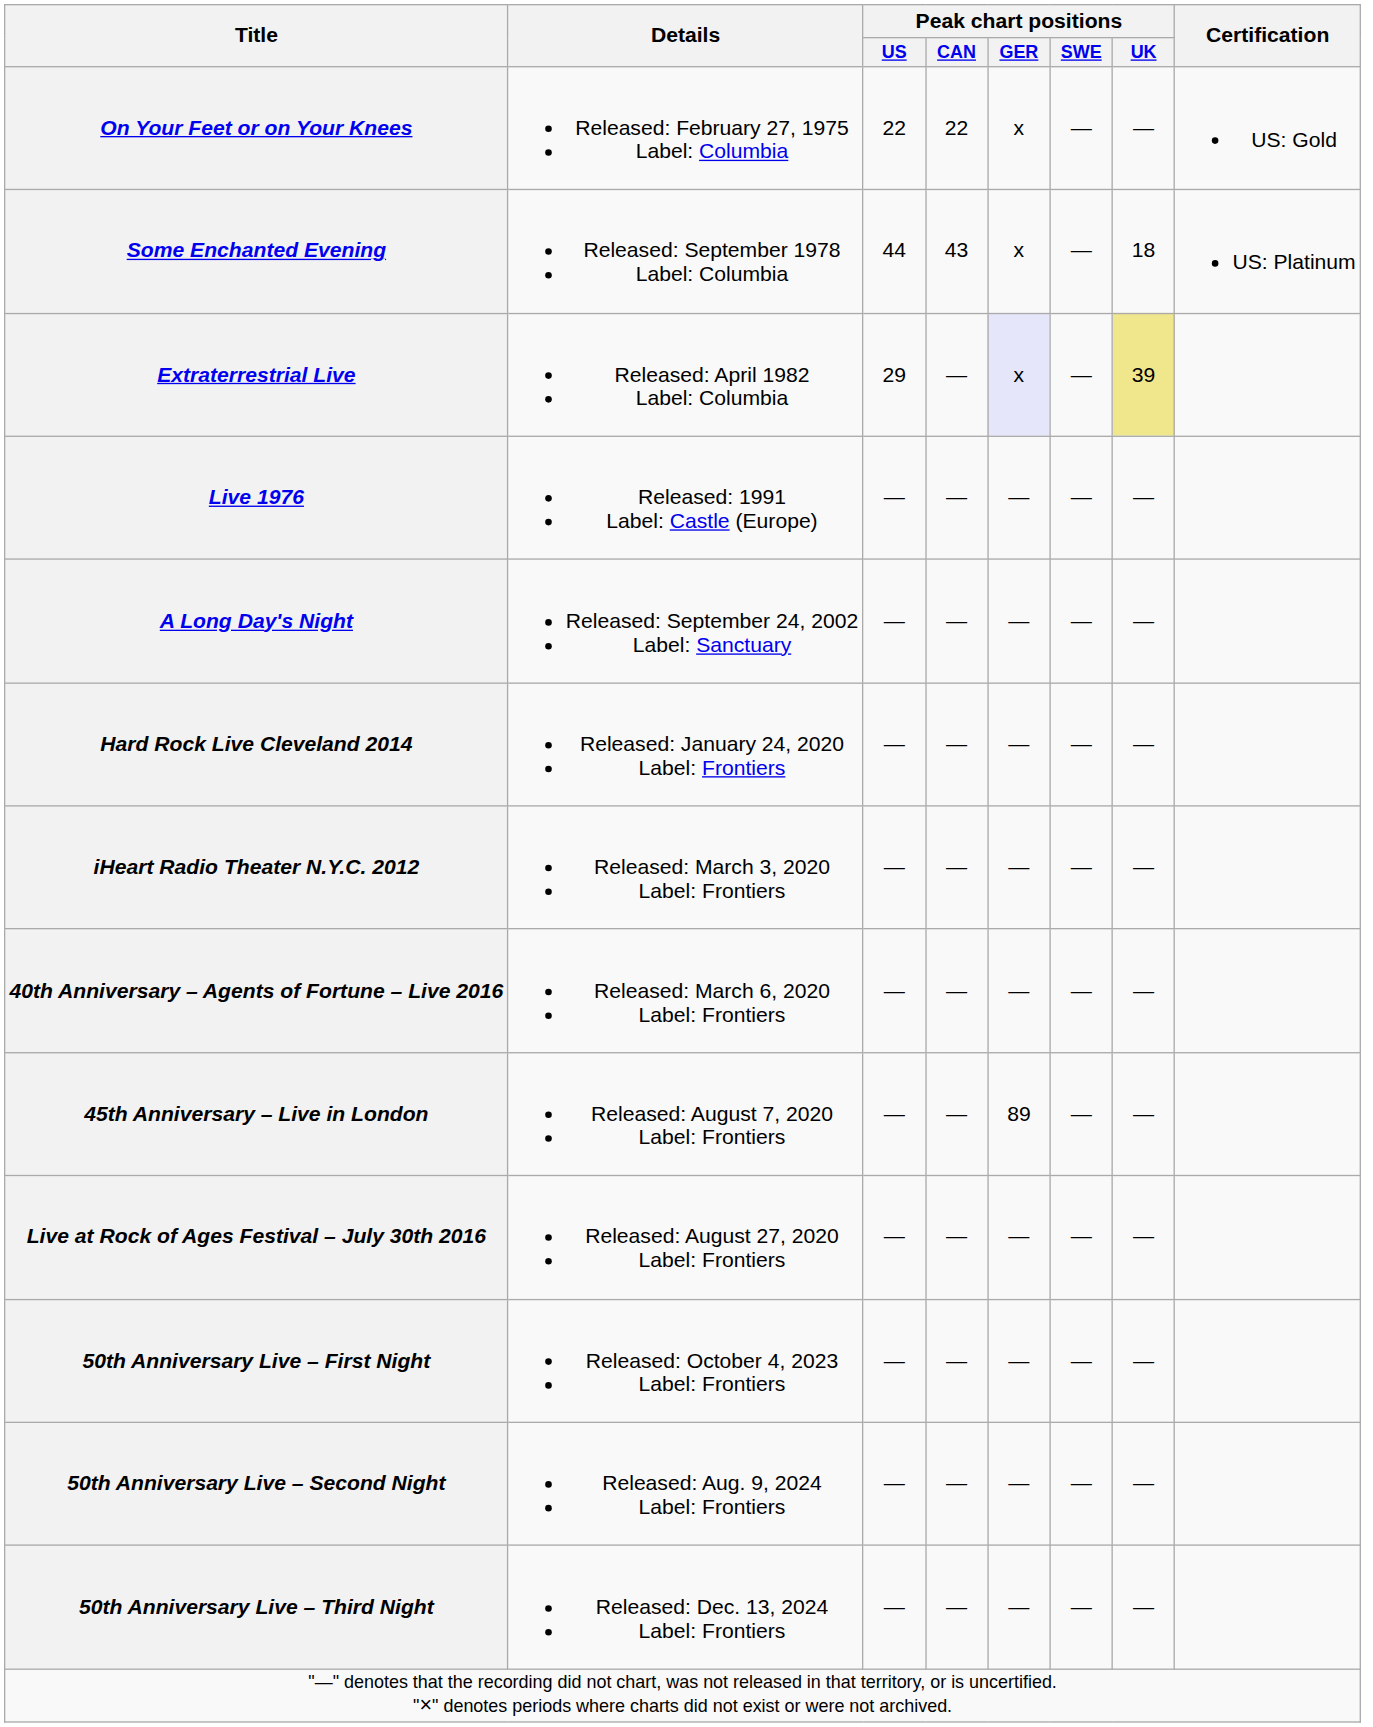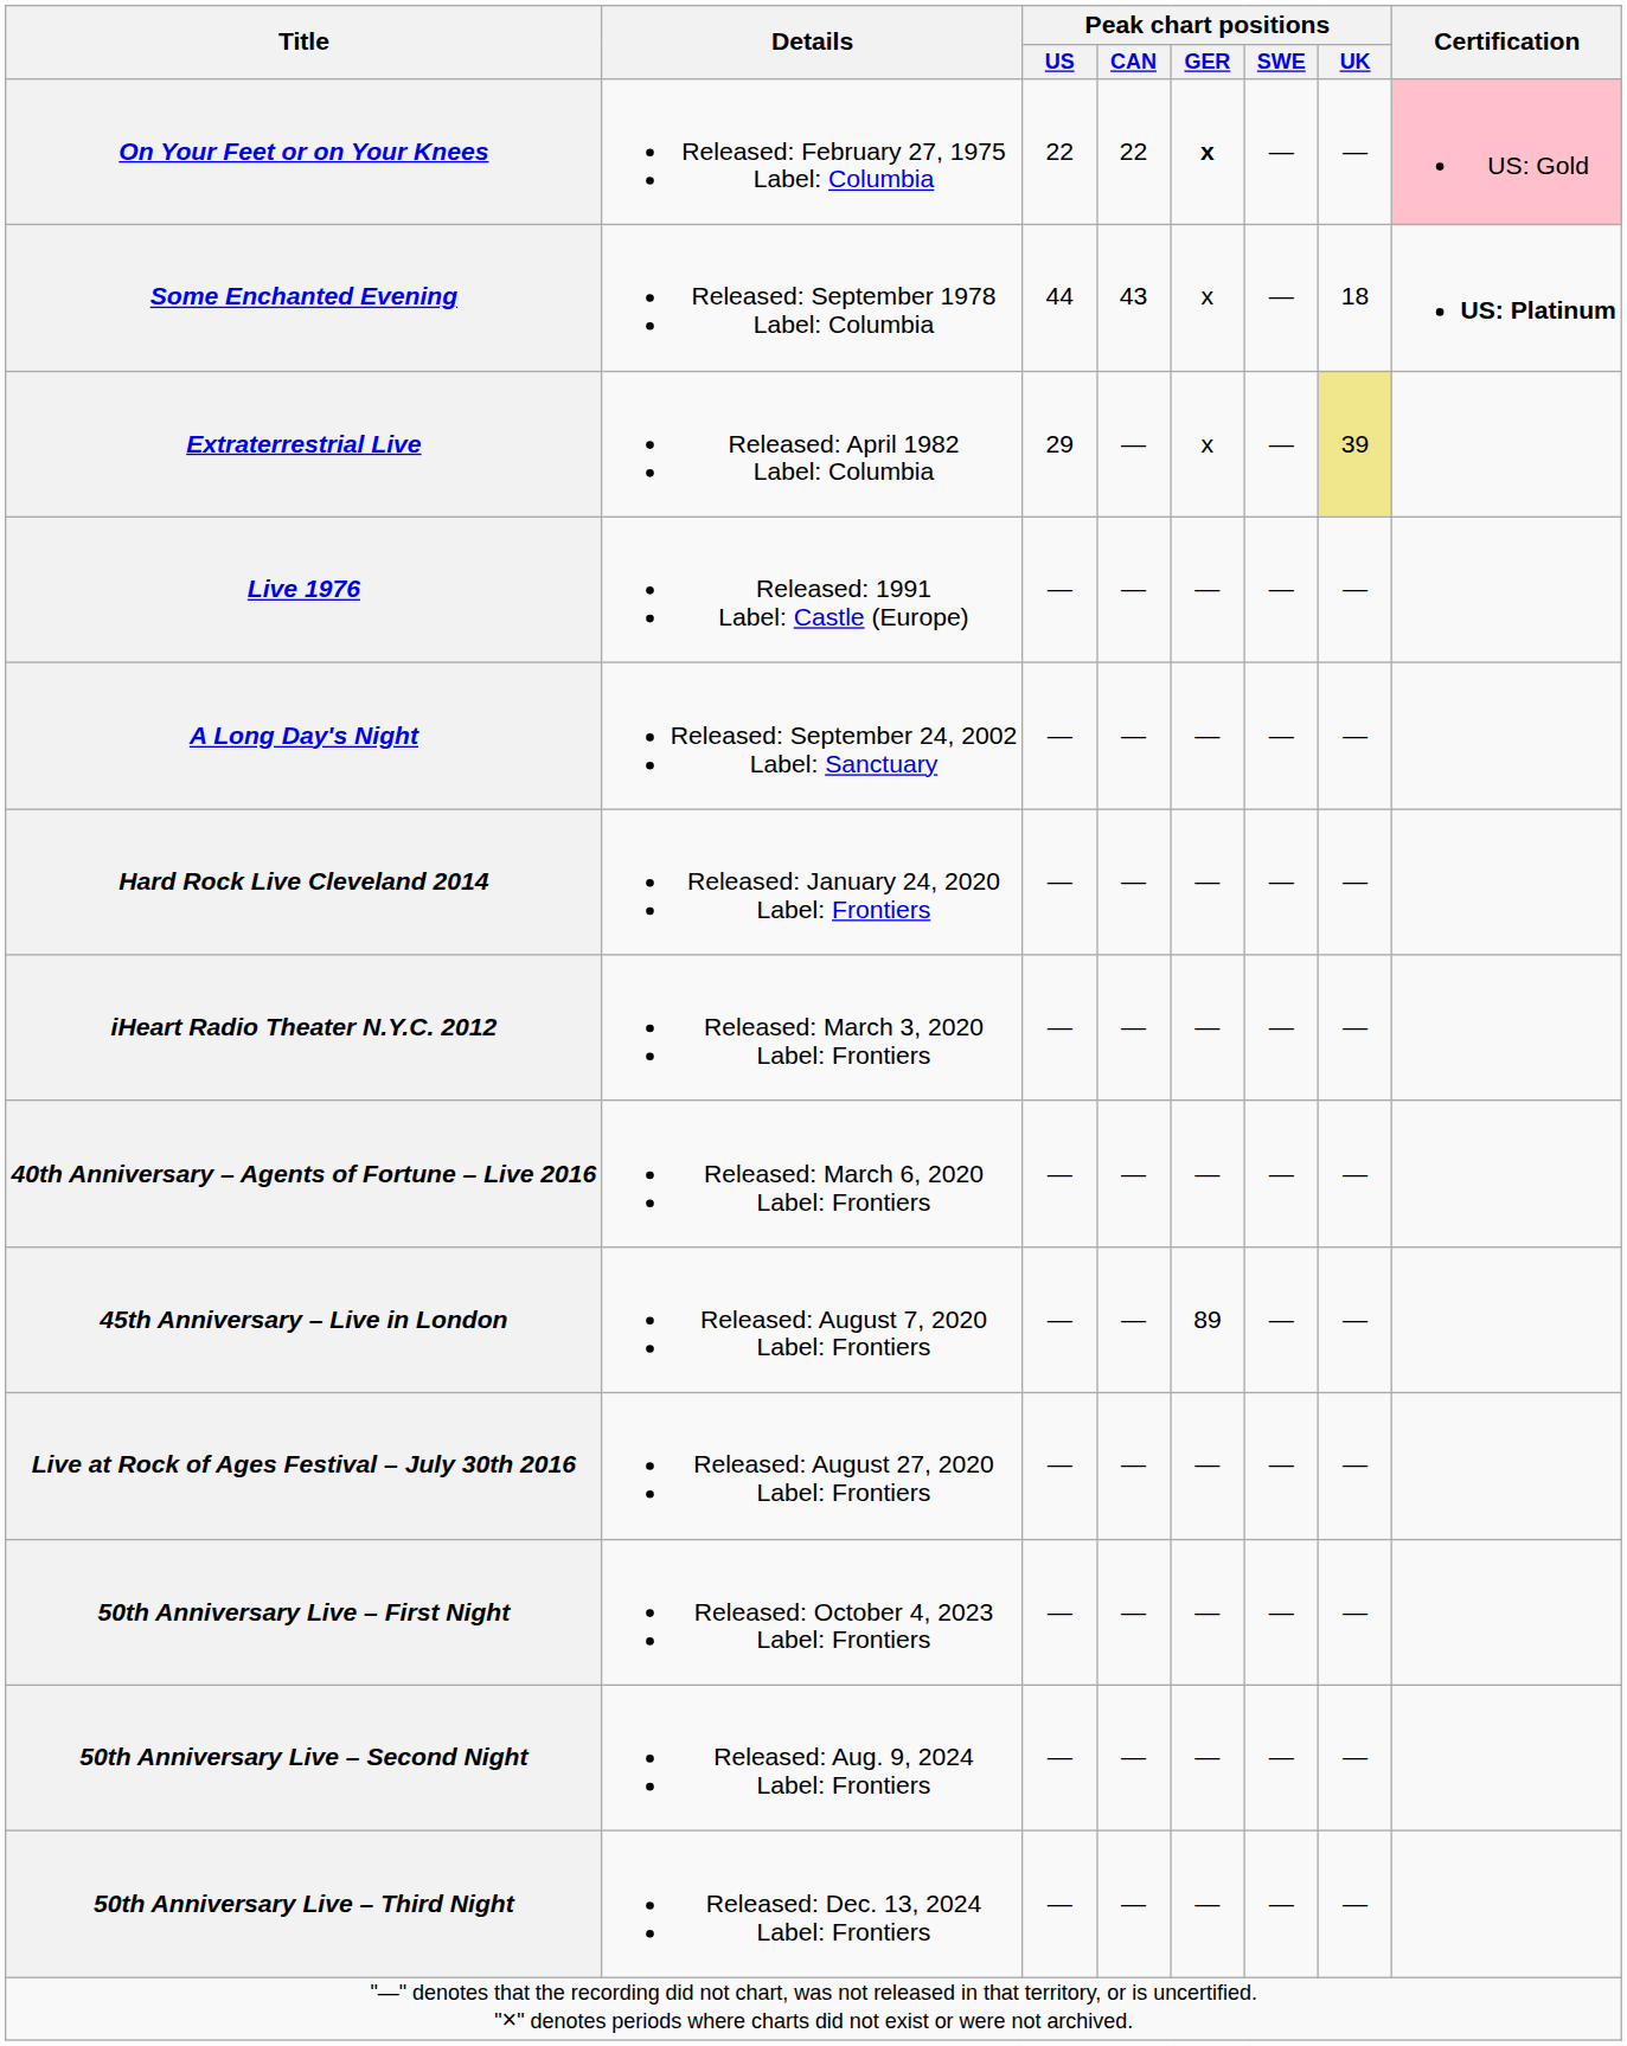 <table class="wikitable plainrowheaders" style="text-align:center;">
 <tr>
 <th scope="col" rowspan="2">Title</th>
 <th scope="col" rowspan="2">Details</th>
 <th scope="col" colspan="5">Peak chart positions</th>
 <th scope="col" rowspan="2">Certification</th>
 </tr>
 <tr>
 <th scope="col" style="width:3em;font-size:85%;"><a href='#'>US</a><br></th>
 <th scope="col" style="width:3em;font-size:85%;"><a href='#'>CAN</a><br></th>
 <th scope="col" style="width:3em;font-size:85%;"><a href='#'>GER</a><br></th>
 <th scope="col" style="width:3em;font-size:85%;"><a href='#'>SWE</a><br></th>
 <th scope="col" style="width:3em;font-size:85%;"><a href='#'>UK</a><br></th>
 </tr>
 <tr>
 <th scope="row"><em><a href='#'>On Your Feet or on Your Knees</a></em></th>
 <td><br><ul><li>Released: February 27, 1975</li><li>Label: <a href='#'>Columbia</a></li></ul></td>
 <td>22</td>
 <td>22</td>
-<td>x</td>
+<td><strong>x</strong></td>
 <td>—</td>
 <td>—</td>
-<td><br><ul><li>US: Gold</li></ul></td>
+<td style="background: pink;"><br><ul><li>US: Gold</li></ul></td>
 </tr>
 <tr>
 <th scope="row"><em><a href='#'>Some Enchanted Evening</a></em></th>
 <td><br><ul><li>Released: September 1978</li><li>Label: Columbia</li></ul></td>
 <td>44</td>
 <td>43</td>
 <td>x</td>
 <td>—</td>
 <td>18</td>
-<td><br><ul><li>US: Platinum</li></ul></td>
+<td><strong><br><ul><li>US: Platinum</li></ul></strong></td>
 </tr>
 <tr>
 <th scope="row"><em><a href='#'>Extraterrestrial Live</a></em></th>
 <td><br><ul><li>Released: April 1982</li><li>Label: Columbia</li></ul></td>
 <td>29</td>
 <td>—</td>
-<td style="background: lavender;">x</td>
+<td>x</td>
 <td>—</td>
 <td style="background: khaki;">39</td>
 <td></td>
 </tr>
 <tr>
 <th scope="row"><em><a href='#'>Live 1976</a></em></th>
 <td><br><ul><li>Released: 1991</li><li>Label: <a href='#'>Castle</a> <span>(Europe)</span></li></ul></td>
 <td>—</td>
 <td>—</td>
 <td>—</td>
 <td>—</td>
 <td>—</td>
 <td></td>
 </tr>
 <tr>
 <th scope="row"><em><a href='#'>A Long Day's Night</a></em></th>
 <td><br><ul><li>Released: September 24, 2002</li><li>Label: <a href='#'>Sanctuary</a></li></ul></td>
 <td>—</td>
 <td>—</td>
 <td>—</td>
 <td>—</td>
 <td>—</td>
 <td></td>
 </tr>
 <tr>
 <th scope="row"><em>Hard Rock Live Cleveland 2014</em></th>
 <td><br><ul><li>Released: January 24, 2020</li><li>Label: <a href='#'>Frontiers</a></li></ul></td>
 <td>—</td>
 <td>—</td>
 <td>—</td>
 <td>—</td>
 <td>—</td>
 <td></td>
 </tr>
 <tr>
 <th scope="row"><em>iHeart Radio Theater N.Y.C. 2012</em></th>
 <td><br><ul><li>Released: March 3, 2020</li><li>Label: Frontiers</li></ul></td>
 <td>—</td>
 <td>—</td>
 <td>—</td>
 <td>—</td>
 <td>—</td>
 <td></td>
 </tr>
 <tr>
 <th scope="row"><em>40th Anniversary – Agents of Fortune – Live 2016</em></th>
 <td><br><ul><li>Released: March 6, 2020</li><li>Label: Frontiers</li></ul></td>
 <td>—</td>
 <td>—</td>
 <td>—</td>
 <td>—</td>
 <td>—</td>
 <td></td>
 </tr>
 <tr>
 <th scope="row"><em>45th Anniversary – Live in London</em></th>
 <td><br><ul><li>Released: August 7, 2020</li><li>Label: Frontiers</li></ul></td>
 <td>—</td>
 <td>—</td>
 <td>89</td>
 <td>—</td>
 <td>—</td>
 <td></td>
 </tr>
 <tr>
 <th scope="row"><em>Live at Rock of Ages Festival – July 30th 2016 </em></th>
 <td><br><ul><li>Released: August 27, 2020</li><li>Label: Frontiers</li></ul></td>
 <td>—</td>
 <td>—</td>
 <td>—</td>
 <td>—</td>
 <td>—</td>
 <td></td>
 </tr>
 <tr>
 <th scope="row"><em>50th Anniversary Live – First Night</em></th>
 <td><br><ul><li>Released: October 4, 2023</li><li>Label: Frontiers</li></ul></td>
 <td>—</td>
 <td>—</td>
 <td>—</td>
 <td>—</td>
 <td>—</td>
 <td></td>
 </tr>
 <tr>
 <th scope="row"><em>50th Anniversary Live – Second Night</em></th>
 <td><br><ul><li>Released: Aug. 9, 2024</li><li>Label: Frontiers</li></ul></td>
 <td>—</td>
 <td>—</td>
 <td>—</td>
 <td>—</td>
 <td>—</td>
 <td></td>
 </tr>
 <tr>
 <th scope="row"><em>50th Anniversary Live – Third Night</em></th>
 <td><br><ul><li>Released: Dec. 13, 2024</li><li>Label: Frontiers</li></ul></td>
 <td>—</td>
 <td>—</td>
 <td>—</td>
 <td>—</td>
 <td>—</td>
 <td></td>
 </tr>
 <tr>
 <td colspan="11" style="font-size:85%">"—" denotes that the recording did not chart, was not released in that territory, or is uncertified.<br>"<big>×</big>" denotes periods where charts did not exist or were not archived.</td>
 </tr>
 </table>
